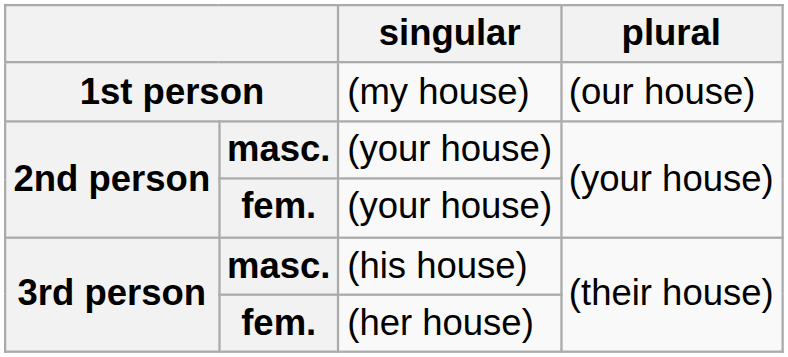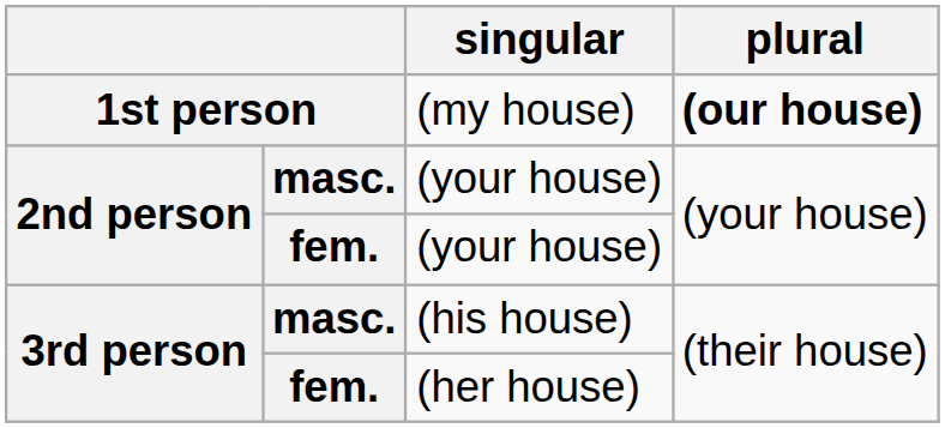 <table class="wikitable" align="center">
 <tr>
 <th colspan="2"></th>
 <th>singular</th>
 <th>plural</th>
 </tr>
 <tr>
 <th colspan="2">1st person</th>
 <td> (my house)</td>
-<td> (our house)</td>
+<td><strong> (our house)</strong></td>
 </tr>
 <tr>
 <th rowspan="2">2nd person</th>
 <th>masc.</th>
 <td> (your house)</td>
 <td rowspan="2"> (your house)</td>
 </tr>
 <tr>
 <th>fem.</th>
 <td> (your house)</td>
 </tr>
 <tr>
 <th rowspan="2">3rd person</th>
 <th>masc.</th>
 <td> (his house)</td>
 <td rowspan="2"> (their house)</td>
 </tr>
 <tr>
 <th>fem.</th>
 <td> (her house)</td>
 </tr>
 </table>
